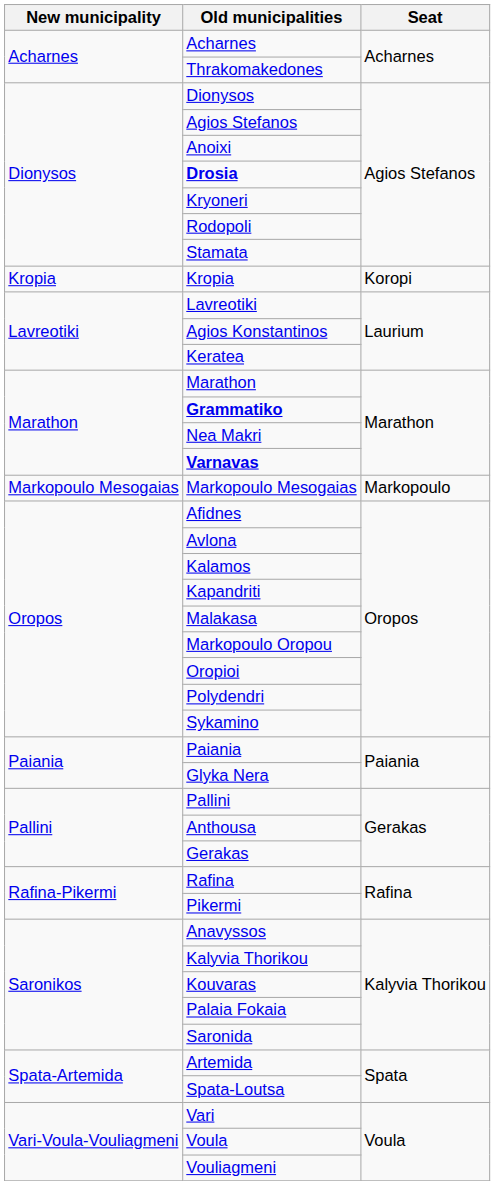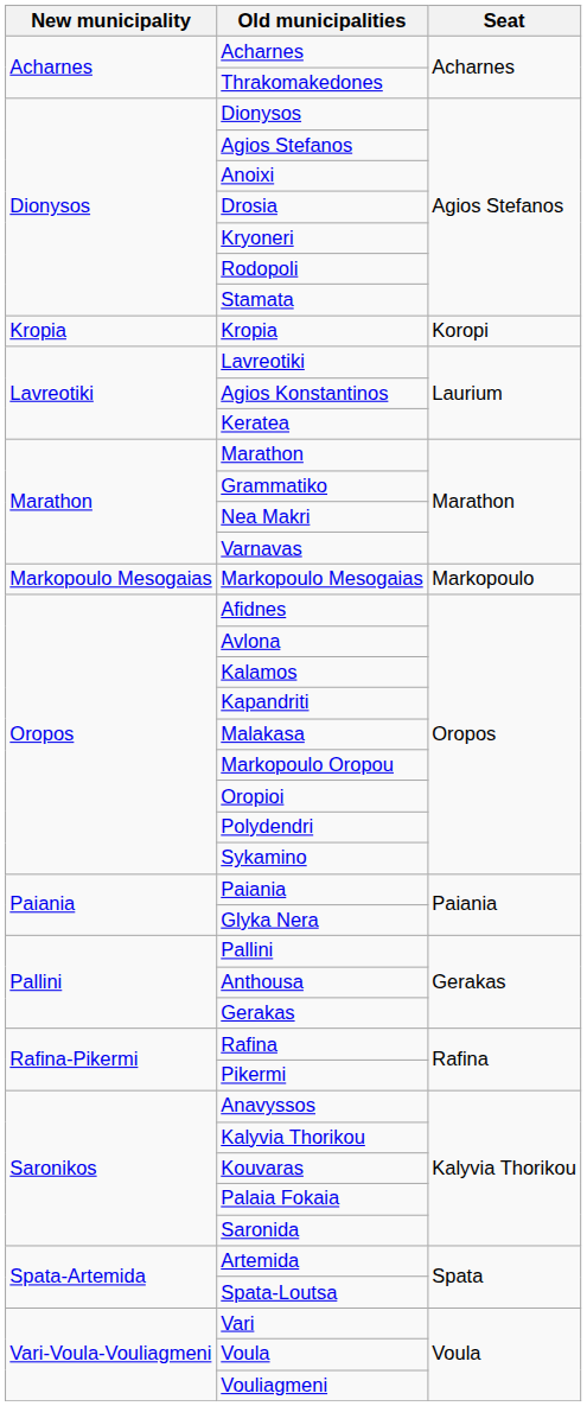 <table class="wikitable">
 <tr>
 <th>New municipality</th>
 <th>Old municipalities</th>
 <th>Seat</th>
 </tr>
 <tr>
 <td rowspan=2><a href='#'>Acharnes</a></td>
 <td><a href='#'>Acharnes</a></td>
 <td rowspan=2>Acharnes</td>
 </tr>
 <tr>
 <td><a href='#'>Thrakomakedones</a></td>
 </tr>
 <tr>
 <td rowspan=7><a href='#'>Dionysos</a></td>
 <td><a href='#'>Dionysos</a></td>
 <td rowspan=7>Agios Stefanos</td>
 </tr>
 <tr>
 <td><a href='#'>Agios Stefanos</a></td>
 </tr>
 <tr>
 <td><a href='#'>Anoixi</a></td>
 </tr>
 <tr>
-<td><strong><a href='#'>Drosia</a></strong></td>
+<td><a href='#'>Drosia</a></td>
 </tr>
 <tr>
 <td><a href='#'>Kryoneri</a></td>
 </tr>
 <tr>
 <td><a href='#'>Rodopoli</a></td>
 </tr>
 <tr>
 <td><a href='#'>Stamata</a></td>
 </tr>
 <tr>
 <td><a href='#'>Kropia</a></td>
 <td><a href='#'>Kropia</a></td>
 <td>Koropi</td>
 </tr>
 <tr>
 <td rowspan=3><a href='#'>Lavreotiki</a></td>
 <td><a href='#'>Lavreotiki</a></td>
 <td rowspan=3>Laurium</td>
 </tr>
 <tr>
 <td><a href='#'>Agios Konstantinos</a></td>
 </tr>
 <tr>
 <td><a href='#'>Keratea</a></td>
 </tr>
 <tr>
 <td rowspan=4><a href='#'>Marathon</a></td>
 <td><a href='#'>Marathon</a></td>
 <td rowspan=4>Marathon</td>
 </tr>
 <tr>
-<td><strong><a href='#'>Grammatiko</a></strong></td>
+<td><a href='#'>Grammatiko</a></td>
 </tr>
 <tr>
 <td><a href='#'>Nea Makri</a></td>
 </tr>
 <tr>
-<td><strong><a href='#'>Varnavas</a></strong></td>
+<td><a href='#'>Varnavas</a></td>
 </tr>
 <tr>
 <td><a href='#'>Markopoulo Mesogaias</a></td>
 <td><a href='#'>Markopoulo Mesogaias</a></td>
 <td>Markopoulo</td>
 </tr>
 <tr>
 <td rowspan=9><a href='#'>Oropos</a></td>
 <td><a href='#'>Afidnes</a></td>
 <td rowspan=9>Oropos</td>
 </tr>
 <tr>
 <td><a href='#'>Avlona</a></td>
 </tr>
 <tr>
 <td><a href='#'>Kalamos</a></td>
 </tr>
 <tr>
 <td><a href='#'>Kapandriti</a></td>
 </tr>
 <tr>
 <td><a href='#'>Malakasa</a></td>
 </tr>
 <tr>
 <td><a href='#'>Markopoulo Oropou</a></td>
 </tr>
 <tr>
 <td><a href='#'>Oropioi</a></td>
 </tr>
 <tr>
 <td><a href='#'>Polydendri</a></td>
 </tr>
 <tr>
 <td><a href='#'>Sykamino</a></td>
 </tr>
 <tr>
 <td rowspan=2><a href='#'>Paiania</a></td>
 <td><a href='#'>Paiania</a></td>
 <td rowspan=2>Paiania</td>
 </tr>
 <tr>
 <td><a href='#'>Glyka Nera</a></td>
 </tr>
 <tr>
 <td rowspan=3><a href='#'>Pallini</a></td>
 <td><a href='#'>Pallini</a></td>
 <td rowspan=3>Gerakas</td>
 </tr>
 <tr>
 <td><a href='#'>Anthousa</a></td>
 </tr>
 <tr>
 <td><a href='#'>Gerakas</a></td>
 </tr>
 <tr>
 <td rowspan=2><a href='#'>Rafina-Pikermi</a></td>
 <td><a href='#'>Rafina</a></td>
 <td rowspan=2>Rafina</td>
 </tr>
 <tr>
 <td><a href='#'>Pikermi</a></td>
 </tr>
 <tr>
 <td rowspan=5><a href='#'>Saronikos</a></td>
 <td><a href='#'>Anavyssos</a></td>
 <td rowspan=5>Kalyvia Thorikou</td>
 </tr>
 <tr>
 <td><a href='#'>Kalyvia Thorikou</a></td>
 </tr>
 <tr>
 <td><a href='#'>Kouvaras</a></td>
 </tr>
 <tr>
 <td><a href='#'>Palaia Fokaia</a></td>
 </tr>
 <tr>
 <td><a href='#'>Saronida</a></td>
 </tr>
 <tr>
 <td rowspan=2><a href='#'>Spata-Artemida</a></td>
 <td><a href='#'>Artemida</a></td>
 <td rowspan=2>Spata</td>
 </tr>
 <tr>
 <td><a href='#'>Spata-Loutsa</a></td>
 </tr>
 <tr>
 <td rowspan=3><a href='#'>Vari-Voula-Vouliagmeni</a></td>
 <td><a href='#'>Vari</a></td>
 <td rowspan=3>Voula</td>
 </tr>
 <tr>
 <td><a href='#'>Voula</a></td>
 </tr>
 <tr>
 <td><a href='#'>Vouliagmeni</a></td>
 </tr>
 </table>
